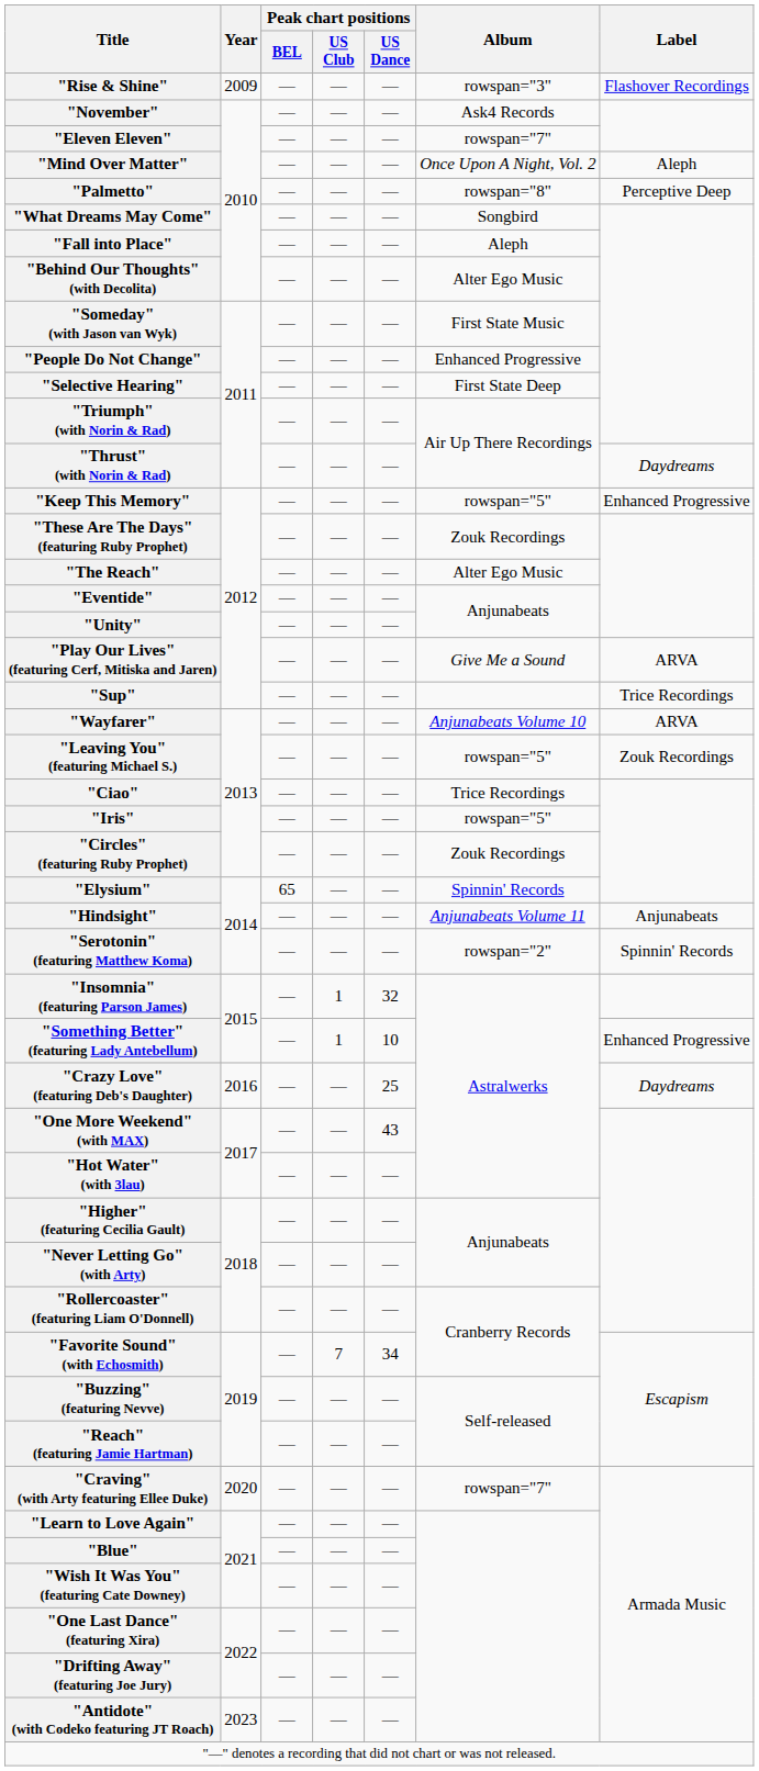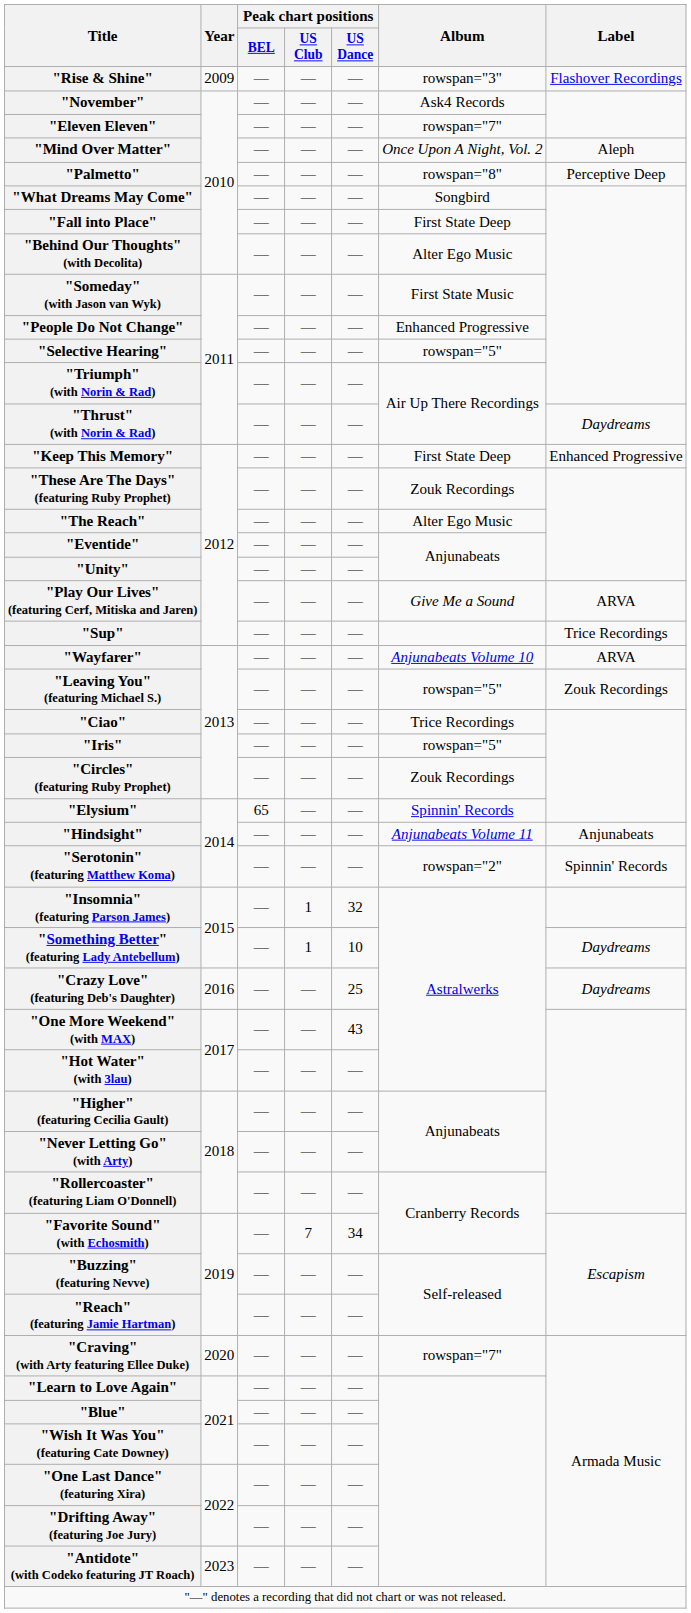 <table class="wikitable plainrowheaders" style="text-align:center;">
 <tr>
 <th scope="col" rowspan="2">Title</th>
 <th scope="col" rowspan="2" style="width:2em;">Year</th>
 <th scope="col" colspan="3">Peak chart positions</th>
 <th scope="col" rowspan="2">Album</th>
 <th scope="col" rowspan="2">Label</th>
 </tr>
 <tr>
 <th scope="col" style="width:3em;font-size:90%;"><a href='#'>BEL</a><br></th>
 <th scope="col" style="width:3em;font-size:90%;"><a href='#'>US<br>Club</a><br></th>
 <th scope="col" style="width:3em;font-size:90%;"><a href='#'>US<br>Dance</a><br></th>
 </tr>
 <tr>
 <th scope="row">"Rise & Shine"</th>
 <td>2009</td>
 <td>—</td>
 <td>—</td>
 <td>—</td>
 <td>rowspan="3" </td>
 <td><a href='#'>Flashover Recordings</a></td>
 </tr>
 <tr>
 <th scope="row">"November"</th>
 <td rowspan="7">2010</td>
 <td>—</td>
 <td>—</td>
 <td>—</td>
 <td>Ask4 Records</td>
 </tr>
 <tr>
 <th scope="row">"Eleven Eleven"</th>
 <td>—</td>
 <td>—</td>
 <td>—</td>
 <td>rowspan="7" </td>
 </tr>
 <tr>
 <th scope="row">"Mind Over Matter"</th>
 <td>—</td>
 <td>—</td>
 <td>—</td>
 <td><em>Once Upon A Night, Vol. 2</em></td>
 <td>Aleph</td>
 </tr>
 <tr>
 <th scope="row">"Palmetto"</th>
 <td>—</td>
 <td>—</td>
 <td>—</td>
 <td>rowspan="8" </td>
 <td>Perceptive Deep</td>
 </tr>
 <tr>
 <th scope="row">"What Dreams May Come"</th>
 <td>—</td>
 <td>—</td>
 <td>—</td>
 <td>Songbird</td>
 </tr>
 <tr>
 <th scope="row">"Fall into Place"</th>
 <td>—</td>
 <td>—</td>
 <td>—</td>
-<td>Aleph</td>
+<td>First State Deep</td>
 </tr>
 <tr>
 <th scope="row">"Behind Our Thoughts" <br><small>(with Decolita)</small></th>
 <td>—</td>
 <td>—</td>
 <td>—</td>
 <td>Alter Ego Music</td>
 </tr>
 <tr>
 <th scope="row">"Someday" <br><small>(with Jason van Wyk)</small></th>
 <td rowspan="5">2011</td>
 <td>—</td>
 <td>—</td>
 <td>—</td>
 <td>First State Music</td>
 </tr>
 <tr>
 <th scope="row">"People Do Not Change"</th>
 <td>—</td>
 <td>—</td>
 <td>—</td>
 <td>Enhanced Progressive</td>
 </tr>
 <tr>
 <th scope="row">"Selective Hearing"</th>
 <td>—</td>
 <td>—</td>
 <td>—</td>
-<td>First State Deep</td>
+<td>rowspan="5" </td>
 </tr>
 <tr>
 <th scope="row">"Triumph" <br><small>(with <a href='#'>Norin & Rad</a>)</small></th>
 <td>—</td>
 <td>—</td>
 <td>—</td>
 <td rowspan="2">Air Up There Recordings</td>
 </tr>
 <tr>
 <th scope="row">"Thrust" <br><small>(with <a href='#'>Norin & Rad</a>)</small></th>
 <td>—</td>
 <td>—</td>
 <td>—</td>
 <td><em>Daydreams</em></td>
 </tr>
 <tr>
 <th scope="row">"Keep This Memory"</th>
 <td rowspan="7">2012</td>
 <td>—</td>
 <td>—</td>
 <td>—</td>
-<td>rowspan="5" </td>
+<td>First State Deep</td>
 <td>Enhanced Progressive</td>
 </tr>
 <tr>
 <th scope="row">"These Are The Days" <br><small>(featuring Ruby Prophet)</small></th>
 <td>—</td>
 <td>—</td>
 <td>—</td>
 <td>Zouk Recordings</td>
 </tr>
 <tr>
 <th scope="row">"The Reach"</th>
 <td>—</td>
 <td>—</td>
 <td>—</td>
 <td>Alter Ego Music</td>
 </tr>
 <tr>
 <th scope="row">"Eventide"</th>
 <td>—</td>
 <td>—</td>
 <td>—</td>
 <td rowspan="2">Anjunabeats</td>
 </tr>
 <tr>
 <th scope="row">"Unity"</th>
 <td>—</td>
 <td>—</td>
 <td>—</td>
 </tr>
 <tr>
 <th scope="row">"Play Our Lives" <br><small>(featuring Cerf, Mitiska and Jaren)</small></th>
 <td>—</td>
 <td>—</td>
 <td>—</td>
 <td><em>Give Me a Sound</em></td>
 <td>ARVA</td>
 </tr>
 <tr>
 <th scope="row">"Sup"</th>
 <td>—</td>
 <td>—</td>
 <td>—</td>
 <td></td>
 <td>Trice Recordings</td>
 </tr>
 <tr>
 <th scope="row">"Wayfarer"</th>
 <td rowspan="5">2013</td>
 <td>—</td>
 <td>—</td>
 <td>—</td>
 <td><em><a href='#'>Anjunabeats Volume 10</a></em></td>
 <td>ARVA</td>
 </tr>
 <tr>
 <th scope="row">"Leaving You" <br><small>(featuring Michael S.)</small></th>
 <td>—</td>
 <td>—</td>
 <td>—</td>
 <td>rowspan="5" </td>
 <td>Zouk Recordings</td>
 </tr>
 <tr>
 <th scope="row">"Ciao"</th>
 <td>—</td>
 <td>—</td>
 <td>—</td>
 <td>Trice Recordings</td>
 </tr>
 <tr>
 <th scope="row">"Iris"</th>
 <td>—</td>
 <td>—</td>
 <td>—</td>
 <td>rowspan="5" </td>
 </tr>
 <tr>
 <th scope="row">"Circles" <br><small>(featuring Ruby Prophet)</small></th>
 <td>—</td>
 <td>—</td>
 <td>—</td>
 <td>Zouk Recordings</td>
 </tr>
 <tr>
 <th scope="row">"Elysium"</th>
 <td rowspan="3">2014</td>
 <td>65</td>
 <td>—</td>
 <td>—</td>
 <td><a href='#'>Spinnin' Records</a></td>
 </tr>
 <tr>
 <th scope="row">"Hindsight"</th>
 <td>—</td>
 <td>—</td>
 <td>—</td>
 <td><em><a href='#'>Anjunabeats Volume 11</a></em></td>
 <td>Anjunabeats</td>
 </tr>
 <tr>
 <th scope="row">"Serotonin" <br><small>(featuring <a href='#'>Matthew Koma</a>)</small></th>
 <td>—</td>
 <td>—</td>
 <td>—</td>
 <td>rowspan="2" </td>
 <td>Spinnin' Records</td>
 </tr>
 <tr>
 <th scope="row">"Insomnia" <br><small>(featuring <a href='#'>Parson James</a>)</small></th>
 <td rowspan="2">2015</td>
 <td>—</td>
 <td>1</td>
 <td>32</td>
 <td rowspan="5"><a href='#'>Astralwerks</a></td>
 </tr>
 <tr>
 <th scope="row">"<a href='#'>Something Better</a>" <br><small>(featuring <a href='#'>Lady Antebellum</a>)</small></th>
 <td>—</td>
 <td>1</td>
 <td>10</td>
-<td>Enhanced Progressive</td>
+<td><em>Daydreams</em></td>
 </tr>
 <tr>
 <th scope="row">"Crazy Love" <br><small>(featuring Deb's Daughter)</small></th>
 <td>2016</td>
 <td>—</td>
 <td>—</td>
 <td>25</td>
 <td><em>Daydreams</em></td>
 </tr>
 <tr>
 <th scope="row">"One More Weekend" <br><small>(with <a href='#'>MAX</a>)</small></th>
 <td rowspan="2">2017</td>
 <td>—</td>
 <td>—</td>
 <td>43</td>
 </tr>
 <tr>
 <th scope="row">"Hot Water" <br><small>(with <a href='#'>3lau</a>)</small></th>
 <td>—</td>
 <td>—</td>
 <td>—</td>
 </tr>
 <tr>
 <th scope="row">"Higher" <br><small>(featuring Cecilia Gault)</small></th>
 <td rowspan="3">2018</td>
 <td>—</td>
 <td>—</td>
 <td>—</td>
 <td rowspan="2">Anjunabeats</td>
 </tr>
 <tr>
 <th scope="row">"Never Letting Go" <br><small>(with <a href='#'>Arty</a>)</small></th>
 <td>—</td>
 <td>—</td>
 <td>—</td>
 </tr>
 <tr>
 <th scope="row">"Rollercoaster" <br><small>(featuring Liam O'Donnell)</small></th>
 <td>—</td>
 <td>—</td>
 <td>—</td>
 <td rowspan="2">Cranberry Records</td>
 </tr>
 <tr>
 <th scope="row">"Favorite Sound" <br><small>(with <a href='#'>Echosmith</a>)</small></th>
 <td rowspan="3">2019</td>
 <td>—</td>
 <td>7</td>
 <td>34</td>
 <td rowspan="3"><em>Escapism</em></td>
 </tr>
 <tr>
 <th scope="row">"Buzzing" <br><small>(featuring Nevve)</small></th>
 <td>—</td>
 <td>—</td>
 <td>—</td>
 <td rowspan="2">Self-released</td>
 </tr>
 <tr>
 <th scope="row">"Reach" <br><small>(featuring <a href='#'>Jamie Hartman</a>)</small></th>
 <td>—</td>
 <td>—</td>
 <td>—</td>
 </tr>
 <tr>
 <th scope="row">"Craving" <br><small>(with Arty featuring Ellee Duke)</small></th>
 <td>2020</td>
 <td>—</td>
 <td>—</td>
 <td>—</td>
 <td>rowspan="7" </td>
 <td rowspan="7">Armada Music</td>
 </tr>
 <tr>
 <th scope="row">"Learn to Love Again"</th>
 <td rowspan="3">2021</td>
 <td>—</td>
 <td>—</td>
 <td>—</td>
 </tr>
 <tr>
 <th scope="row">"Blue"</th>
 <td>—</td>
 <td>—</td>
 <td>—</td>
 </tr>
 <tr>
 <th scope="row">"Wish It Was You" <br><small>(featuring Cate Downey)</small></th>
 <td>—</td>
 <td>—</td>
 <td>—</td>
 </tr>
 <tr>
 <th scope="row">"One Last Dance" <br><small>(featuring Xira)</small></th>
 <td rowspan="2">2022</td>
 <td>—</td>
 <td>—</td>
 <td>—</td>
 </tr>
 <tr>
 <th scope="row">"Drifting Away" <br><small>(featuring Joe Jury)</small></th>
 <td>—</td>
 <td>—</td>
 <td>—</td>
 </tr>
 <tr>
 <th scope="row">"Antidote" <br><small>(with Codeko featuring JT Roach)</small></th>
 <td>2023</td>
 <td>—</td>
 <td>—</td>
 <td>—</td>
 </tr>
 <tr>
 <td colspan="7" style="font-size:85%">"—" denotes a recording that did not chart or was not released.</td>
 </tr>
 </table>
